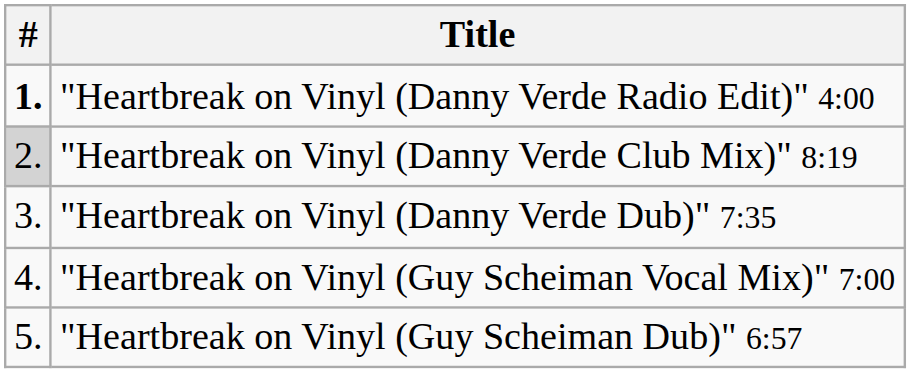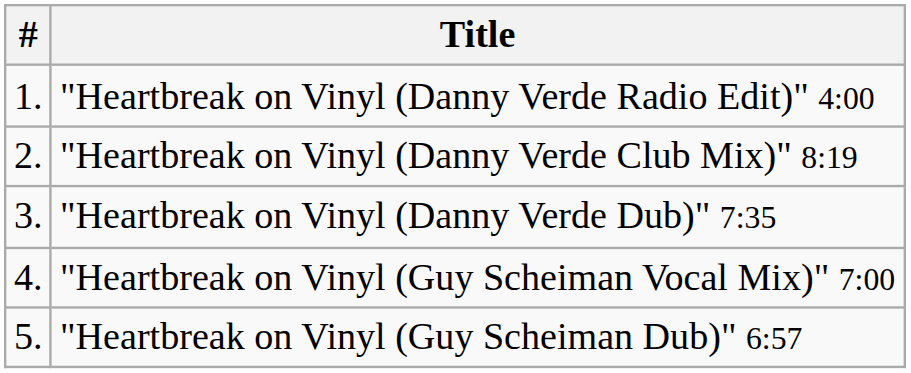 <table class="wikitable">
 <tr>
 <th>#</th>
 <th>Title</th>
 </tr>
 <tr>
-<td><strong>1.</strong></td>
+<td>1.</td>
 <td>"Heartbreak on Vinyl (Danny Verde Radio Edit)" <small>4:00</small></td>
 </tr>
 <tr>
-<td style="background: lightgrey;">2.</td>
+<td>2.</td>
 <td>"Heartbreak on Vinyl (Danny Verde Club Mix)" <small>8:19</small></td>
 </tr>
 <tr>
 <td>3.</td>
 <td>"Heartbreak on Vinyl (Danny Verde Dub)" <small>7:35</small></td>
 </tr>
 <tr>
 <td>4.</td>
 <td>"Heartbreak on Vinyl (Guy Scheiman Vocal Mix)" <small>7:00</small></td>
 </tr>
 <tr>
 <td>5.</td>
 <td>"Heartbreak on Vinyl (Guy Scheiman Dub)" <small>6:57</small></td>
 </tr>
 </table>
